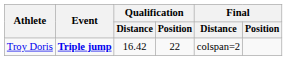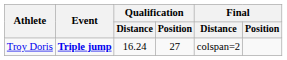 <table class=wikitable style=font-size:90%>
 <tr>
 <th rowspan=2>Athlete</th>
 <th rowspan=2>Event</th>
 <th colspan=2>Qualification</th>
 <th colspan=2>Final</th>
 </tr>
 <tr style=font-size:95%>
 <th>Distance</th>
 <th>Position</th>
 <th>Distance</th>
 <th>Position</th>
 </tr>
 <tr align=center>
 <td align=left><a href='#'>Troy Doris</a></td>
 <td align=left><strong><a href='#'>Triple jump</a></strong></td>
-<td>16.42</td>
-<td>22</td>
+<td>16.24</td>
+<td>27</td>
 <td>colspan=2 </td>
 </tr>
 </table>
